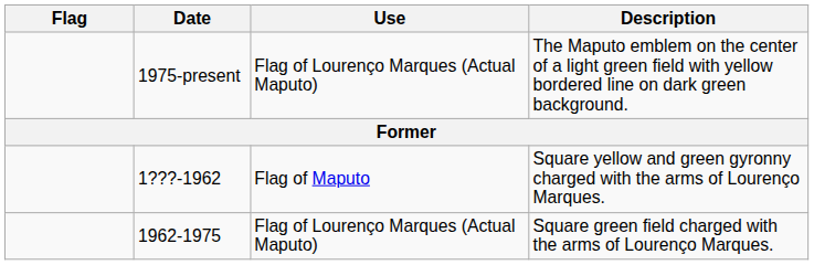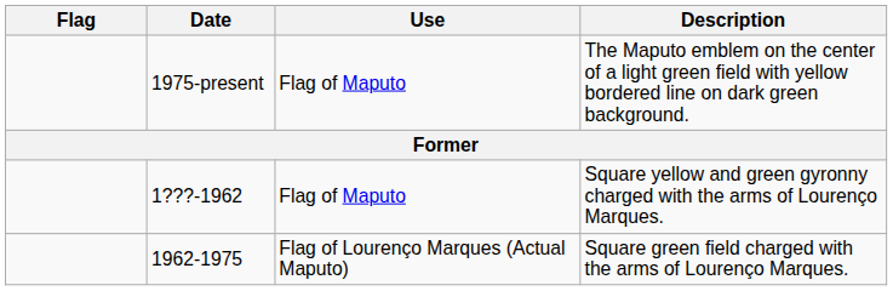 <table class="wikitable" style="background: #f9f9f9">
 <tr>
 <th width="112">Flag</th>
 <th width="100">Date</th>
 <th width="250">Use</th>
 <th width="250">Description</th>
 </tr>
 <tr>
 <td></td>
 <td>1975-present</td>
-<td>Flag of Lourenço Marques (Actual Maputo)</td>
+<td>Flag of <a href='#'>Maputo</a></td>
 <td>The Maputo emblem on the center of a light green field with yellow bordered line on dark green background.</td>
 </tr>
 <tr>
 <th colspan="4">Former</th>
 </tr>
 <tr>
 <td></td>
 <td>1???-1962</td>
 <td>Flag of <a href='#'>Maputo</a></td>
 <td>Square yellow and green gyronny charged with the arms of Lourenço Marques.</td>
 </tr>
 <tr>
 <td></td>
 <td>1962-1975</td>
 <td>Flag of Lourenço Marques (Actual Maputo)</td>
 <td>Square green field charged with the arms of Lourenço Marques.</td>
 </tr>
 </table>
